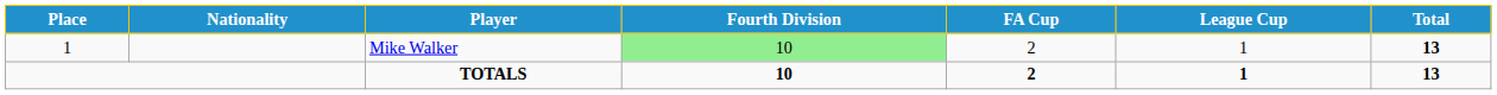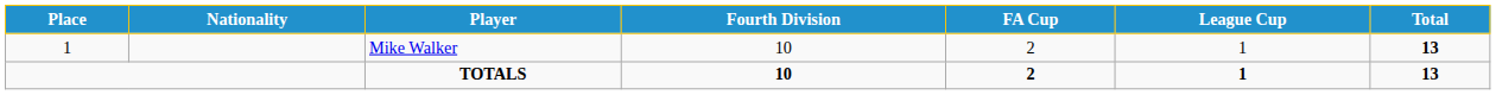 <table class="wikitable" style="text-align:center; font-size:90%; width:100%;">
 <tr>
 <th style="background:#2191CC; color:white; border:1px solid #F7C408; text-align:center;">Place</th>
 <th style="background:#2191CC; color:white; border:1px solid #F7C408; text-align:center;">Nationality</th>
 <th style="background:#2191CC; color:white; border:1px solid #F7C408; text-align:center;">Player</th>
 <th style="background:#2191CC; color:white; border:1px solid #F7C408; text-align:center;">Fourth Division</th>
 <th style="background:#2191CC; color:white; border:1px solid #F7C408; text-align:center;">FA Cup</th>
 <th style="background:#2191CC; color:white; border:1px solid #F7C408; text-align:center;">League Cup</th>
 <th style="background:#2191CC; color:white; border:1px solid #F7C408; text-align:center;">Total</th>
 </tr>
 <tr>
 <td>1</td>
 <td></td>
 <td align="left"><a href='#'>Mike Walker</a></td>
-<td style="background: lightgreen;">10</td>
+<td>10</td>
 <td>2</td>
 <td>1</td>
 <td><strong>13</strong></td>
 </tr>
 <tr>
 <td colspan="2"></td>
 <td><strong>TOTALS</strong></td>
 <td><strong>10</strong></td>
 <td><strong>2</strong></td>
 <td><strong>1</strong></td>
 <td><strong>13</strong></td>
 </tr>
 </table>
